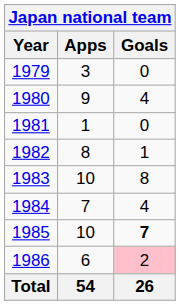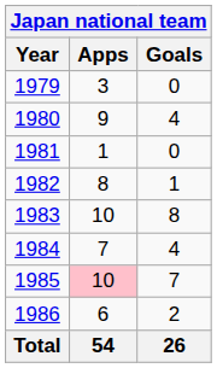 <table class="wikitable" style="text-align:center">
 <tr>
 <th colspan=3><a href='#'>Japan national team</a></th>
 </tr>
 <tr>
 <th>Year</th>
 <th>Apps</th>
 <th>Goals</th>
 </tr>
 <tr>
 <td><a href='#'>1979</a></td>
 <td>3</td>
 <td>0</td>
 </tr>
 <tr>
 <td><a href='#'>1980</a></td>
 <td>9</td>
 <td>4</td>
 </tr>
 <tr>
 <td><a href='#'>1981</a></td>
 <td>1</td>
 <td>0</td>
 </tr>
 <tr>
 <td><a href='#'>1982</a></td>
 <td>8</td>
 <td>1</td>
 </tr>
 <tr>
 <td><a href='#'>1983</a></td>
 <td>10</td>
 <td>8</td>
 </tr>
 <tr>
 <td><a href='#'>1984</a></td>
 <td>7</td>
 <td>4</td>
 </tr>
 <tr>
 <td><a href='#'>1985</a></td>
-<td>10</td>
-<td><strong>7</strong></td>
+<td style="background: pink;">10</td>
+<td>7</td>
 </tr>
 <tr>
 <td><a href='#'>1986</a></td>
 <td>6</td>
-<td style="background: pink;">2</td>
+<td>2</td>
 </tr>
 <tr>
 <th>Total</th>
 <th>54</th>
 <th>26</th>
 </tr>
 </table>
